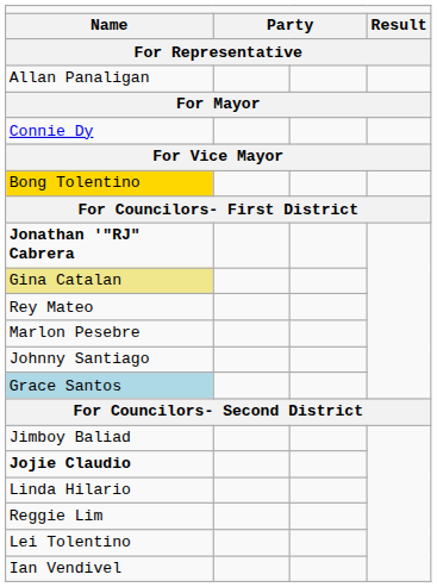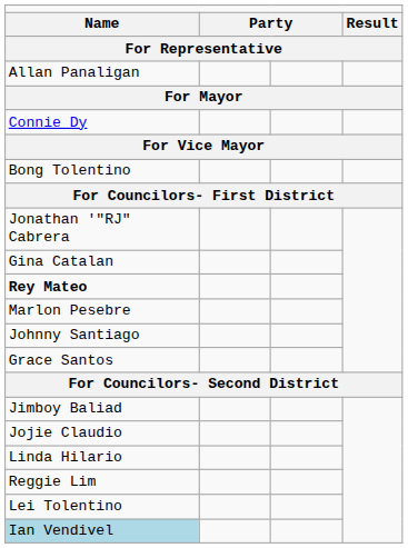 <table class=wikitable style="font-size:90%">
 <tr>
 <td colspan=4 bgcolor=></td>
 </tr>
 <tr>
 <th width=150px>Name</th>
 <th colspan=2 width=110px>Party</th>
 <th>Result</th>
 </tr>
 <tr>
 <th colspan=4>For Representative</th>
 </tr>
 <tr>
 <td>Allan Panaligan</td>
 <td></td>
 <td></td>
 </tr>
 <tr>
 <th colspan=4>For Mayor</th>
 </tr>
 <tr>
 <td><a href='#'>Connie Dy</a></td>
 <td></td>
 <td></td>
 </tr>
 <tr>
 <th colspan=4>For Vice Mayor</th>
 </tr>
 <tr>
-<td style="background: gold;">Bong Tolentino</td>
+<td>Bong Tolentino</td>
 <td></td>
 <td></td>
 </tr>
 <tr>
 <th colspan=4>For Councilors- First District</th>
 </tr>
 <tr>
-<td><strong>Jonathan '"RJ" Cabrera</strong></td>
+<td>Jonathan '"RJ" Cabrera</td>
 <td></td>
 <td></td>
 </tr>
 <tr>
-<td style="background: khaki;">Gina Catalan</td>
+<td>Gina Catalan</td>
 <td></td>
 <td></td>
 </tr>
 <tr>
-<td>Rey Mateo</td>
+<td><strong>Rey Mateo</strong></td>
 <td></td>
 <td></td>
 </tr>
 <tr>
 <td>Marlon Pesebre</td>
 <td></td>
 <td></td>
 </tr>
 <tr>
 <td>Johnny Santiago</td>
 <td></td>
 <td></td>
 </tr>
 <tr>
-<td style="background: lightblue;">Grace Santos</td>
+<td>Grace Santos</td>
 <td></td>
 <td></td>
 </tr>
 <tr>
 <th colspan=4>For Councilors- Second District</th>
 </tr>
 <tr>
 <td>Jimboy Baliad</td>
 <td></td>
 <td></td>
 </tr>
 <tr>
-<td><strong>Jojie Claudio</strong></td>
+<td>Jojie Claudio</td>
 <td></td>
 <td></td>
 </tr>
 <tr>
 <td>Linda Hilario</td>
 <td></td>
 <td></td>
 </tr>
 <tr>
 <td>Reggie Lim</td>
 <td></td>
 <td></td>
 </tr>
 <tr>
 <td>Lei Tolentino</td>
 <td></td>
 <td></td>
 </tr>
 <tr>
-<td>Ian Vendivel</td>
+<td style="background: lightblue;">Ian Vendivel</td>
 <td></td>
 <td></td>
 </tr>
 </table>
